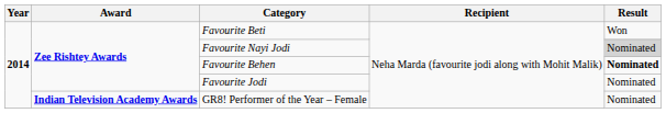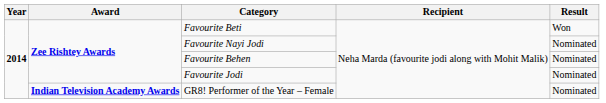 <table class="wikitable">
 <tr>
 <th>Year</th>
 <th>Award</th>
 <th>Category</th>
 <th>Recipient</th>
 <th>Result</th>
 </tr>
 <tr>
 <td rowspan="11"><strong>2014</strong></td>
 <td rowspan="4"><strong><a href='#'>Zee Rishtey Awards</a></strong></td>
 <td><em>Favourite Beti</em></td>
 <td rowspan="11">Neha Marda (favourite jodi along with Mohit Malik)</td>
 <td>Won</td>
 </tr>
 <tr>
 <td><em>Favourite Nayi Jodi</em></td>
-<td style="background: lightgrey;">Nominated</td>
+<td>Nominated</td>
 </tr>
 <tr>
 <td><em>Favourite Behen</em></td>
-<td><strong>Nominated</strong></td>
+<td>Nominated</td>
 </tr>
 <tr>
 <td><em>Favourite Jodi</em></td>
 <td>Nominated</td>
 </tr>
 <tr>
 <td rowspan="11"><strong><a href='#'>Indian Television Academy Awards</a></strong></td>
 <td>GR8! Performer of the Year – Female</td>
 <td>Nominated</td>
 </tr>
 </table>
